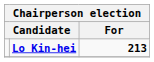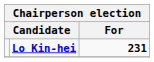 <table class="wikitable" style="text-align:right">
 <tr>
 <th colspan="3">Chairperson election</th>
 </tr>
 <tr>
 <th colspan="2">Candidate</th>
 <th width="80px">For</th>
 </tr>
 <tr>
 <td></td>
 <td align="left"><strong><a href='#'>Lo Kin-hei</a></strong></td>
-<td><strong>213</strong></td>
+<td><strong>231</strong></td>
 </tr>
 <tr>
 </tr>
 </table>
